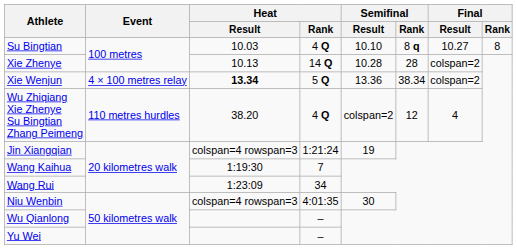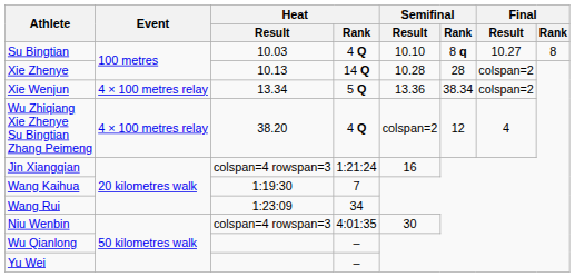 <table class="wikitable" style="font-size:90%">
 <tr>
 <th rowspan="2">Athlete</th>
 <th rowspan="2">Event</th>
 <th colspan="2">Heat</th>
 <th colspan="2">Semifinal</th>
 <th colspan="2">Final</th>
 </tr>
 <tr style="font-size:95%">
 <th>Result</th>
 <th>Rank</th>
 <th>Result</th>
 <th>Rank</th>
 <th>Result</th>
 <th>Rank</th>
 </tr>
 <tr style=text-align:center>
 <td style=text-align:left><a href='#'>Su Bingtian</a></td>
 <td style=text-align:left rowspan=2><a href='#'>100 metres</a></td>
 <td>10.03 <strong></strong></td>
 <td>4 <strong>Q</strong></td>
 <td>10.10</td>
 <td>8 <strong>q</strong></td>
 <td>10.27</td>
 <td>8</td>
 </tr>
 <tr style=text-align:center>
 <td style=text-align:left><a href='#'>Xie Zhenye</a></td>
 <td>10.13</td>
 <td>14 <strong>Q</strong></td>
 <td>10.28</td>
 <td>28</td>
 <td>colspan=2 </td>
 </tr>
 <tr style=text-align:center>
 <td style=text-align:left><a href='#'>Xie Wenjun</a></td>
 <td style=text-align:left><a href='#'>4 × 100 metres relay</a></td>
-<td><strong>13.34</strong></td>
+<td>13.34</td>
 <td>5 <strong>Q</strong></td>
 <td>13.36</td>
 <td>38.34</td>
 <td>colspan=2 </td>
 </tr>
 <tr style=text-align:center>
 <td style=text-align:left><a href='#'>Wu Zhiqiang</a><br><a href='#'>Xie Zhenye</a><br><a href='#'>Su Bingtian</a><br><a href='#'>Zhang Peimeng</a></td>
-<td style=text-align:left><a href='#'>110 metres hurdles</a></td>
+<td style=text-align:left><a href='#'>4 × 100 metres relay</a></td>
 <td>38.20</td>
 <td>4 <strong>Q</strong></td>
 <td>colspan=2 </td>
 <td>12</td>
 <td>4</td>
 </tr>
 <tr style=text-align:center>
 <td style=text-align:left><a href='#'>Jin Xiangqian</a></td>
 <td style=text-align:left rowspan=3><a href='#'>20 kilometres walk</a></td>
 <td>colspan=4 rowspan=3 </td>
 <td>1:21:24</td>
-<td>19</td>
+<td>16</td>
 </tr>
 <tr style=text-align:center>
 <td style=text-align:left><a href='#'>Wang Kaihua</a></td>
 <td>1:19:30</td>
 <td>7</td>
 </tr>
 <tr style=text-align:center>
 <td style=text-align:left><a href='#'>Wang Rui</a></td>
 <td>1:23:09</td>
 <td>34</td>
 </tr>
 <tr style=text-align:center>
 <td style=text-align:left><a href='#'>Niu Wenbin</a></td>
 <td style=text-align:left rowspan=3><a href='#'>50 kilometres walk</a></td>
 <td>colspan=4 rowspan=3 </td>
 <td>4:01:35</td>
 <td>30</td>
 </tr>
 <tr style=text-align:center>
 <td style=text-align:left><a href='#'>Wu Qianlong</a></td>
 <td></td>
 <td>–</td>
 </tr>
 <tr style=text-align:center>
 <td style=text-align:left><a href='#'>Yu Wei</a></td>
 <td></td>
 <td>–</td>
 </tr>
 </table>
